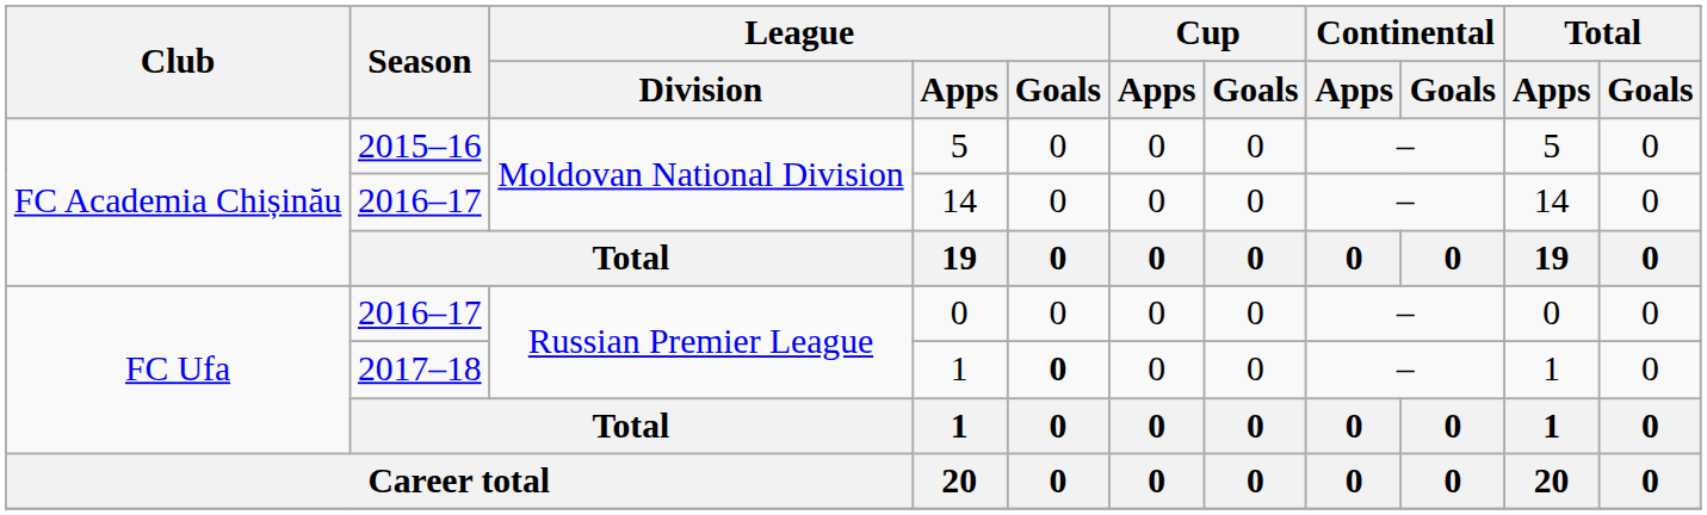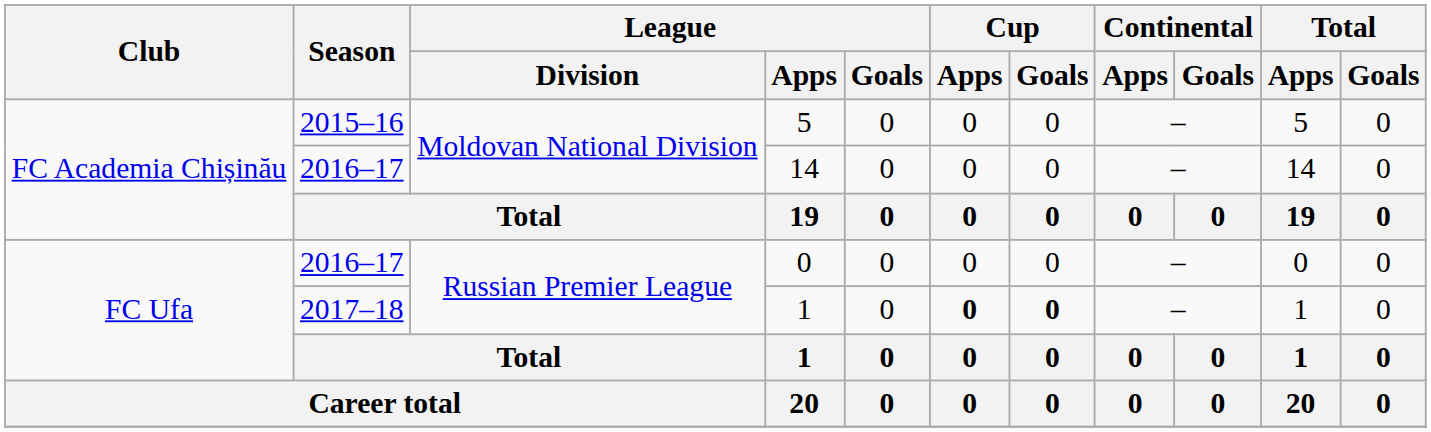 <table class="wikitable" style="text-align: center;">
 <tr>
 <th rowspan=2>Club</th>
 <th rowspan=2>Season</th>
 <th colspan=3>League</th>
 <th colspan=2>Cup</th>
 <th colspan=2>Continental</th>
 <th colspan=2>Total</th>
 </tr>
 <tr>
 <th>Division</th>
 <th>Apps</th>
 <th>Goals</th>
 <th>Apps</th>
 <th>Goals</th>
 <th>Apps</th>
 <th>Goals</th>
 <th>Apps</th>
 <th>Goals</th>
 </tr>
 <tr>
 <td rowspan=3><a href='#'>FC Academia Chișinău</a></td>
 <td><a href='#'>2015–16</a></td>
 <td rowspan=2><a href='#'>Moldovan National Division</a></td>
 <td>5</td>
 <td>0</td>
 <td>0</td>
 <td>0</td>
 <td colspan=2>–</td>
 <td>5</td>
 <td>0</td>
 </tr>
 <tr>
 <td><a href='#'>2016–17</a></td>
 <td>14</td>
 <td>0</td>
 <td>0</td>
 <td>0</td>
 <td colspan=2>–</td>
 <td>14</td>
 <td>0</td>
 </tr>
 <tr>
 <th colspan=2>Total</th>
 <th>19</th>
 <th>0</th>
 <th>0</th>
 <th>0</th>
 <th>0</th>
 <th>0</th>
 <th>19</th>
 <th>0</th>
 </tr>
 <tr>
 <td rowspan=3><a href='#'>FC Ufa</a></td>
 <td><a href='#'>2016–17</a></td>
 <td rowspan=2><a href='#'>Russian Premier League</a></td>
 <td>0</td>
 <td>0</td>
 <td>0</td>
 <td>0</td>
 <td colspan=2>–</td>
 <td>0</td>
 <td>0</td>
 </tr>
 <tr>
 <td><a href='#'>2017–18</a></td>
 <td>1</td>
+<td>0</td>
 <td><strong>0</strong></td>
-<td>0</td>
-<td>0</td>
+<td><strong>0</strong></td>
 <td colspan=2>–</td>
 <td>1</td>
 <td>0</td>
 </tr>
 <tr>
 <th colspan=2>Total</th>
 <th>1</th>
 <th>0</th>
 <th>0</th>
 <th>0</th>
 <th>0</th>
 <th>0</th>
 <th>1</th>
 <th>0</th>
 </tr>
 <tr>
 <th colspan=3>Career total</th>
 <th>20</th>
 <th>0</th>
 <th>0</th>
 <th>0</th>
 <th>0</th>
 <th>0</th>
 <th>20</th>
 <th>0</th>
 </tr>
 <tr>
 </tr>
 </table>
